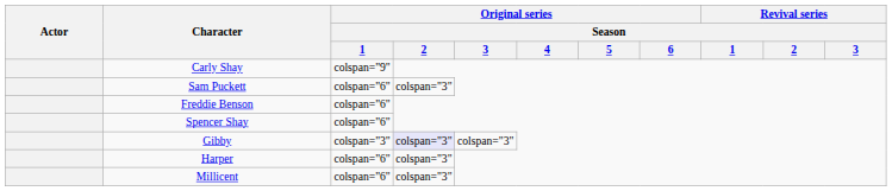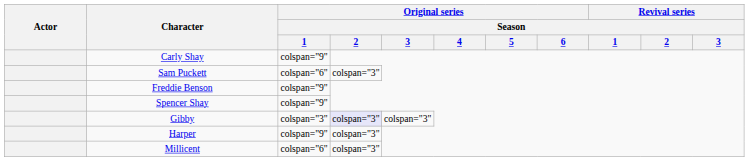 <table class="wikitable plainrowheaders" style="text-align:center">
 <tr>
 <th rowspan="3">Actor</th>
 <th rowspan="3">Character</th>
 <th colspan="6"><a href='#'>Original series</a></th>
 <th colspan="3"><a href='#'>Revival series</a></th>
 </tr>
 <tr>
 <th colspan="9">Season</th>
 </tr>
 <tr>
 <th style="width:7%;" scope="col"><a href='#'>1</a></th>
 <th style="width:7%;" scope="col"><a href='#'>2</a></th>
 <th style="width:7%;" scope="col"><a href='#'>3</a></th>
 <th style="width:7%;" scope="col"><a href='#'>4</a></th>
 <th style="width:7%;" scope="col"><a href='#'>5</a></th>
 <th style="width:7%;" scope="col"><a href='#'>6</a></th>
 <th style="width:7%;" scope="col"><a href='#'>1</a></th>
 <th style="width:7%;" scope="col"><a href='#'>2</a></th>
 <th style="width:7%;" scope="col"><a href='#'>3</a></th>
 </tr>
 <tr>
 <th scope="row"></th>
 <td><a href='#'>Carly Shay</a></td>
 <td>colspan="9" </td>
 </tr>
 <tr>
 <th scope="row"></th>
 <td><a href='#'>Sam Puckett</a></td>
 <td>colspan="6" </td>
 <td>colspan="3" </td>
 </tr>
 <tr>
 <th scope="row"></th>
 <td><a href='#'>Freddie Benson</a></td>
-<td>colspan="6" </td>
+<td>colspan="9" </td>
 </tr>
 <tr>
 <th scope="row"></th>
 <td><a href='#'>Spencer Shay</a></td>
-<td>colspan="6" </td>
+<td>colspan="9" </td>
 </tr>
 <tr>
 <th scope="row"></th>
 <td><a href='#'>Gibby</a></td>
 <td>colspan="3" </td>
 <td style="background: lavender;">colspan="3" </td>
 <td>colspan="3" </td>
 </tr>
 <tr>
 <th scope="row"></th>
 <td><a href='#'>Harper</a></td>
-<td>colspan="6" </td>
+<td>colspan="9" </td>
 <td>colspan="3" </td>
 </tr>
 <tr>
 <th scope="row"></th>
 <td><a href='#'>Millicent</a></td>
 <td>colspan="6" </td>
 <td>colspan="3" </td>
 </tr>
 </table>
